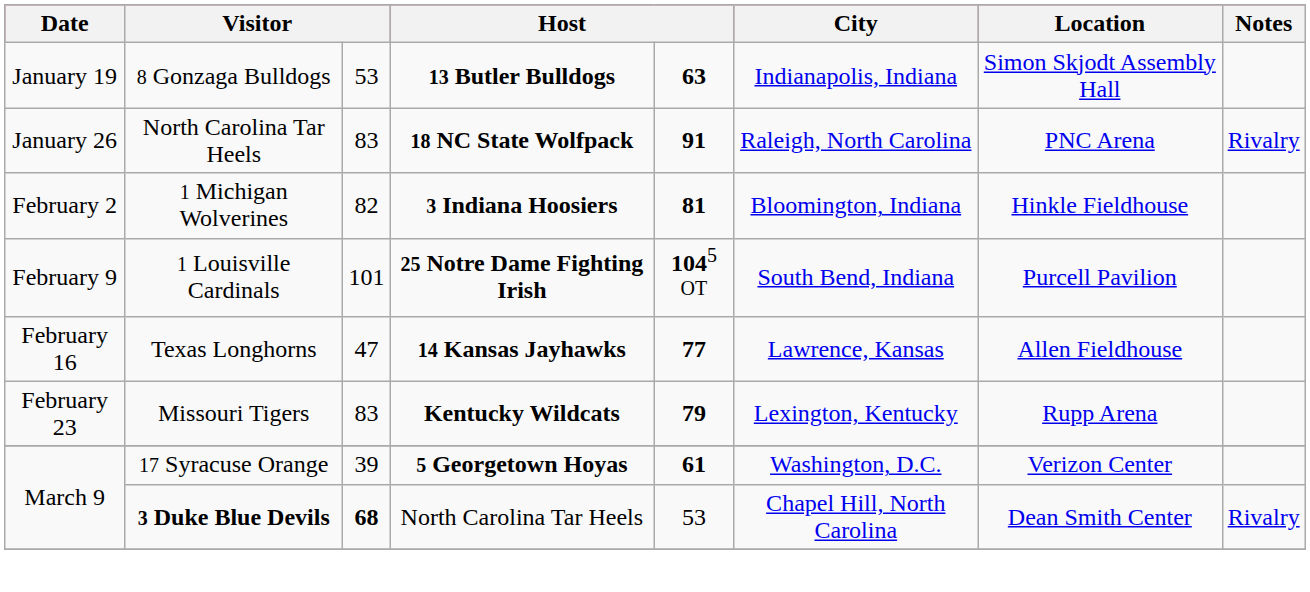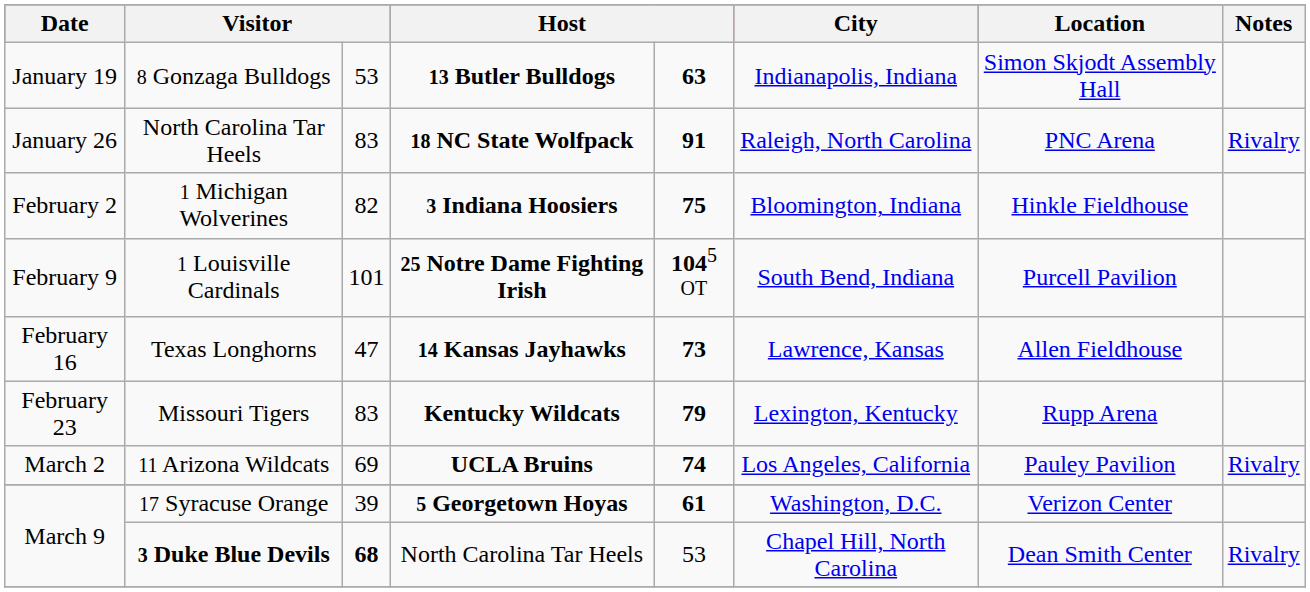 <table class="wikitable" style="text-align:center">
 <tr style="background:#A32638;"|>
 <th>Date</th>
 <th colspan=2>Visitor</th>
 <th colspan=2>Host</th>
 <th>City</th>
 <th>Location</th>
 <th>Notes</th>
 </tr>
 <tr>
 <td>January 19</td>
 <td><small>8</small> Gonzaga Bulldogs</td>
 <td>53</td>
 <td><strong><small>13</small> Butler Bulldogs</strong></td>
 <td><strong>63</strong></td>
 <td><a href='#'>Indianapolis, Indiana</a></td>
 <td><a href='#'>Simon Skjodt Assembly Hall</a></td>
 <td></td>
 </tr>
 <tr>
 <td>January 26</td>
 <td>North Carolina Tar Heels</td>
 <td>83</td>
 <td><strong><small>18</small> NC State Wolfpack</strong></td>
 <td><strong>91</strong></td>
 <td><a href='#'>Raleigh, North Carolina</a></td>
 <td><a href='#'>PNC Arena</a></td>
 <td><a href='#'>Rivalry</a></td>
 </tr>
 <tr>
 <td>February 2</td>
 <td><small>1</small> Michigan Wolverines</td>
 <td>82</td>
 <td><strong><small>3</small> Indiana Hoosiers</strong></td>
-<td><strong>81</strong></td>
+<td><strong>75</strong></td>
 <td><a href='#'>Bloomington, Indiana</a></td>
 <td><a href='#'>Hinkle Fieldhouse</a></td>
 <td></td>
 </tr>
 <tr>
 <td>February 9</td>
 <td><small>1</small> Louisville Cardinals</td>
 <td>101</td>
 <td><strong><small>25</small> Notre Dame Fighting Irish</strong></td>
 <td><strong>104</strong><sup>5 OT</sup></td>
 <td><a href='#'>South Bend, Indiana</a></td>
 <td><a href='#'>Purcell Pavilion</a></td>
 <td></td>
 </tr>
 <tr>
 <td>February 16</td>
 <td>Texas Longhorns</td>
 <td>47</td>
 <td><strong><small>14</small> Kansas Jayhawks</strong></td>
-<td><strong>77</strong></td>
+<td><strong>73</strong></td>
 <td><a href='#'>Lawrence, Kansas</a></td>
 <td><a href='#'>Allen Fieldhouse</a></td>
 <td></td>
 </tr>
 <tr>
 <td>February 23</td>
 <td>Missouri Tigers</td>
 <td>83</td>
 <td><strong>Kentucky Wildcats</strong></td>
 <td><strong>79</strong></td>
 <td><a href='#'>Lexington, Kentucky</a></td>
 <td><a href='#'>Rupp Arena</a></td>
 <td></td>
+</tr>
+<tr>
+<td>March 2</td>
+<td><small>11</small> Arizona Wildcats</td>
+<td>69</td>
+<td><strong>UCLA Bruins</strong></td>
+<td><strong>74</strong></td>
+<td><a href='#'>Los Angeles, California</a></td>
+<td><a href='#'>Pauley Pavilion</a></td>
+<td><a href='#'>Rivalry</a></td>
 </tr>
 <tr>
 </tr>
 <tr>
 <td rowspan="2">March 9</td>
 <td><small>17</small> Syracuse Orange</td>
 <td>39</td>
 <td><strong><small>5</small> Georgetown Hoyas</strong></td>
 <td><strong>61</strong></td>
 <td><a href='#'>Washington, D.C.</a></td>
 <td><a href='#'>Verizon Center</a></td>
 <td></td>
 </tr>
 <tr>
 <td><strong><small>3</small> Duke Blue Devils</strong></td>
 <td><strong>68</strong></td>
 <td>North Carolina Tar Heels</td>
 <td>53</td>
 <td><a href='#'>Chapel Hill, North Carolina</a></td>
 <td><a href='#'>Dean Smith Center</a></td>
 <td><a href='#'>Rivalry</a></td>
 </tr>
 <tr>
 </tr>
 </table>
